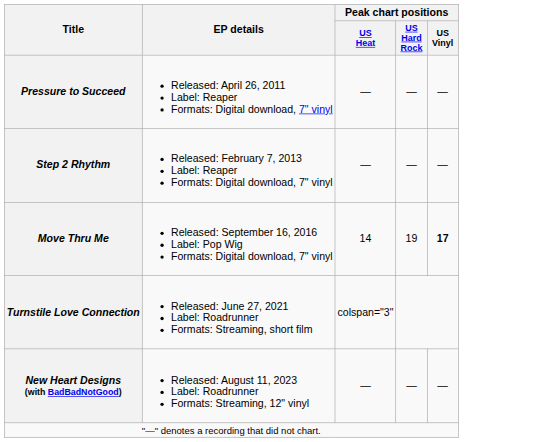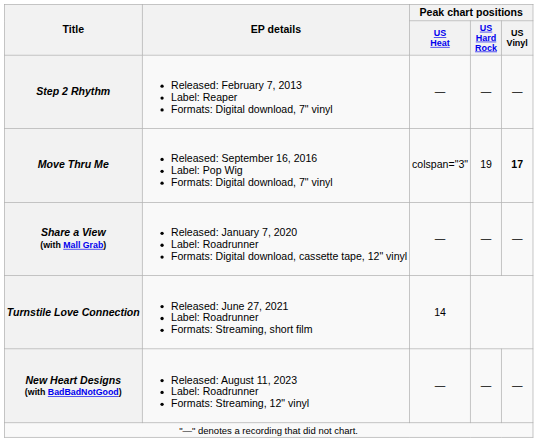 <table class="wikitable plainrowheaders">
 <tr>
 <th scope="col" rowspan="2">Title</th>
 <th scope="col" rowspan="2">EP details</th>
 <th scope="col" colspan="3">Peak chart positions</th>
 </tr>
 <tr>
 <th scope="col" style="width:3em;font-size:85%;"><a href='#'>US<br>Heat</a><br></th>
 <th scope="col" style="width:3em;font-size:85%;"><a href='#'>US<br>Hard<br>Rock</a><br></th>
 <th scope="col" style="width:3em;font-size:85%;">US<br>Vinyl<br></th>
 </tr>
 <tr>
-<th scope="row"><em>Pressure to Succeed</em></th>
-<td><br><ul><li>Released: April 26, 2011</li><li>Label: Reaper</li><li>Formats: Digital download, <a href='#'>7" vinyl</a></li></ul></td>
-<td style="text-align:center;">—</td>
-<td style="text-align:center;">—</td>
-<td style="text-align:center;">—</td>
-</tr>
-<tr>
 <th scope="row"><em>Step 2 Rhythm</em></th>
 <td><br><ul><li>Released: February 7, 2013</li><li>Label: Reaper</li><li>Formats: Digital download, 7" vinyl</li></ul></td>
 <td style="text-align:center;">—</td>
 <td style="text-align:center;">—</td>
 <td style="text-align:center;">—</td>
 </tr>
 <tr>
 <th scope="row"><em>Move Thru Me</em></th>
 <td><br><ul><li>Released: September 16, 2016</li><li>Label: Pop Wig</li><li>Formats: Digital download, 7" vinyl</li></ul></td>
-<td style="text-align:center;">14</td>
+<td>colspan="3" </td>
 <td style="text-align:center;">19</td>
 <td style="text-align:center;"><strong>17</strong></td>
 </tr>
 <tr>
+<th scope="row"><em>Share a View</em><br><small>(with <a href='#'>Mall Grab</a>)</small></th>
+<td><br><ul><li>Released: January 7, 2020</li><li>Label: Roadrunner</li><li>Formats: Digital download, cassette tape, 12" vinyl</li></ul></td>
+<td style="text-align:center;">—</td>
+<td style="text-align:center;">—</td>
+<td style="text-align:center;">—</td>
+</tr>
+<tr>
 <th scope="row"><em>Turnstile Love Connection</em></th>
 <td><br><ul><li>Released: June 27, 2021</li><li>Label: Roadrunner</li><li>Formats: Streaming, short film</li></ul></td>
-<td>colspan="3" </td>
+<td style="text-align:center;">14</td>
 </tr>
 <tr>
 <th scope="row"><em>New Heart Designs</em><br><small>(with <a href='#'>BadBadNotGood</a>)</small></th>
 <td><br><ul><li>Released: August 11, 2023</li><li>Label: Roadrunner</li><li>Formats: Streaming, 12" vinyl</li></ul></td>
 <td style="text-align:center;">—</td>
 <td style="text-align:center;">—</td>
 <td style="text-align:center;">—</td>
 </tr>
 <tr>
 <td align="center" colspan="5" style="font-size:90%">"—" denotes a recording that did not chart.</td>
 </tr>
 </table>
